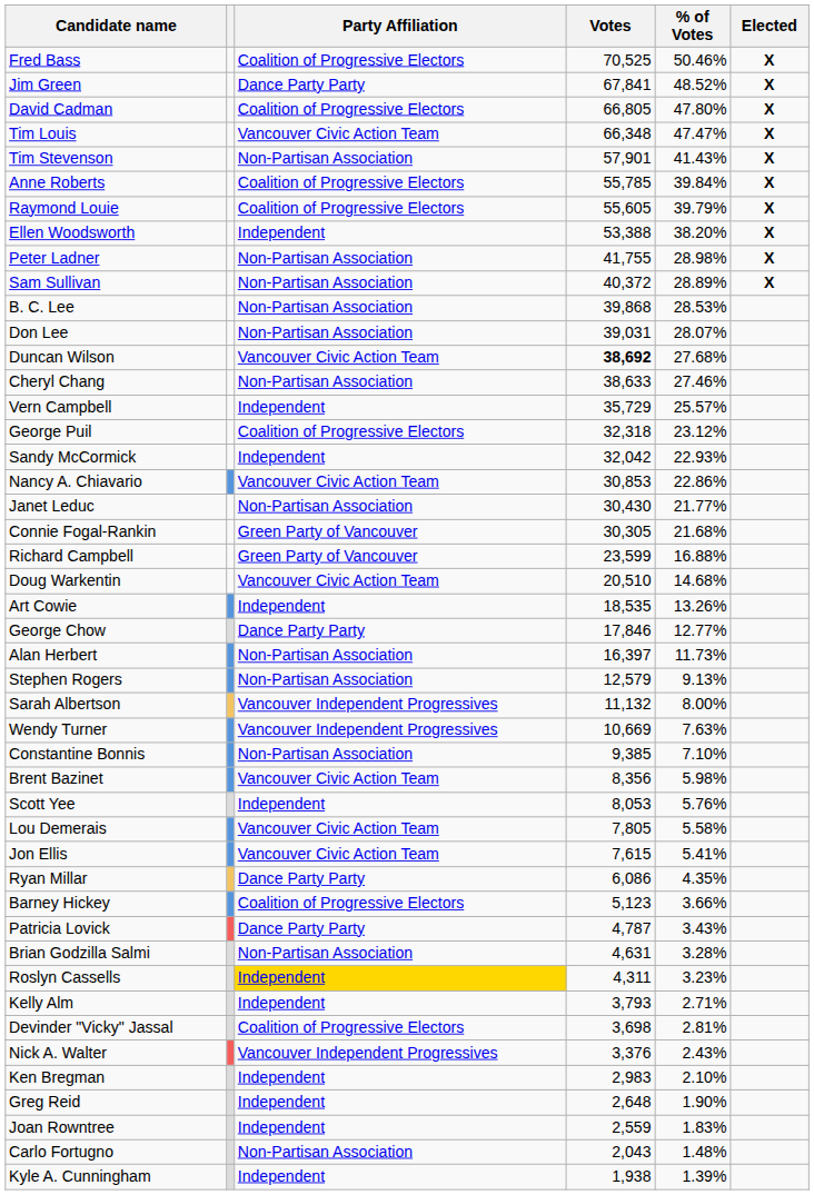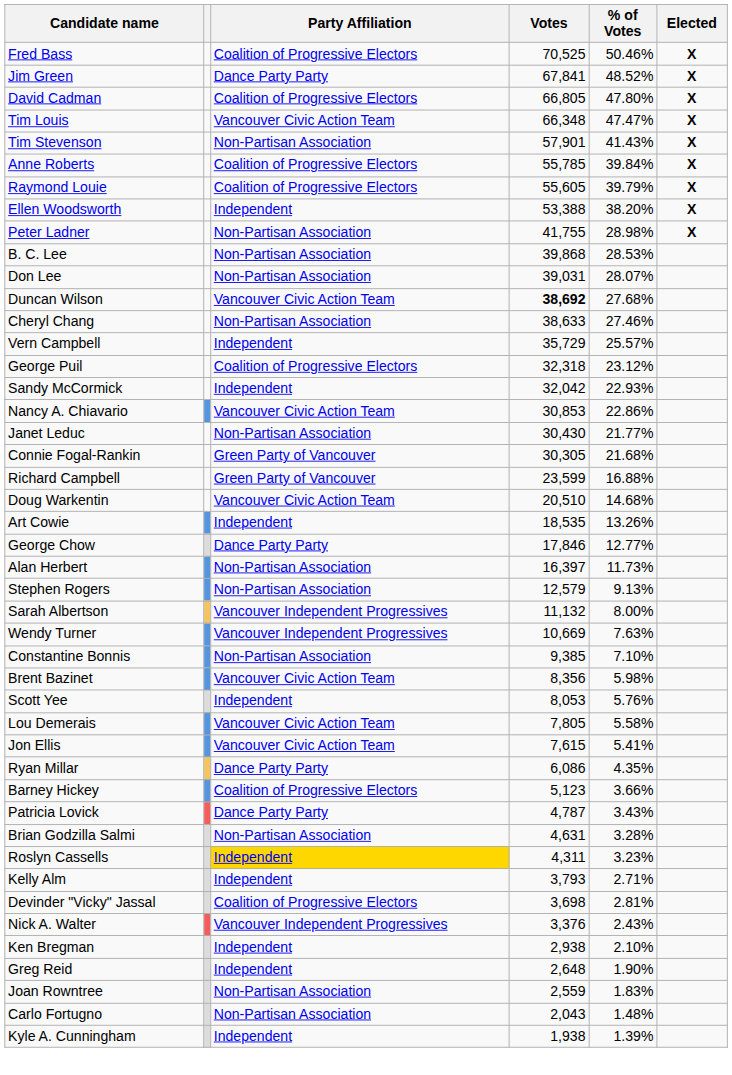 <table class="wikitable sortable" style="margin:5px; width: 65%">
 <tr>
 <th style="width:20%;">Candidate name</th>
 <th style="width:0.05%;" class="unsortable"></th>
 <th style="width:30%;">Party Affiliation</th>
 <th style="width:8%;">Votes</th>
 <th style="width:5%;">% of Votes</th>
 <th style="width:5%;">Elected</th>
 </tr>
 <tr>
 <td data-sort-value="Bass, Fred"><a href='#'>Fred Bass</a></td>
 <td style="background:"></td>
 <td><a href='#'>Coalition of Progressive Electors</a></td>
 <td style="text-align: right;">70,525</td>
 <td style="text-align: right;">50.46%</td>
 <td style="text-align: center;"><strong>X</strong></td>
 </tr>
 <tr>
 <td data-sort-value="Green, Jim"><a href='#'>Jim Green</a></td>
 <td style="background:"></td>
 <td><a href='#'>Dance Party Party</a></td>
 <td style="text-align: right;">67,841</td>
 <td style="text-align: right;">48.52%</td>
 <td style="text-align: center;"><strong>X</strong></td>
 </tr>
 <tr>
 <td data-sort-value="Cadman, David"><a href='#'>David Cadman</a></td>
 <td style="background:"></td>
 <td><a href='#'>Coalition of Progressive Electors</a></td>
 <td style="text-align: right;">66,805</td>
 <td style="text-align: right;">47.80%</td>
 <td style="text-align: center;"><strong>X</strong></td>
 </tr>
 <tr>
 <td data-sort-value="Louis, Tim"><a href='#'>Tim Louis</a></td>
 <td style="background:"></td>
 <td><a href='#'>Vancouver Civic Action Team</a></td>
 <td style="text-align: right;">66,348</td>
 <td style="text-align: right;">47.47%</td>
 <td style="text-align: center;"><strong>X</strong></td>
 </tr>
 <tr>
 <td data-sort-value="Stevenson, Tim"><a href='#'>Tim Stevenson</a></td>
 <td style="background:"></td>
 <td><a href='#'>Non-Partisan Association</a></td>
 <td style="text-align: right;">57,901</td>
 <td style="text-align: right;">41.43%</td>
 <td style="text-align: center;"><strong>X</strong></td>
 </tr>
 <tr>
 <td data-sort-value="Roberts, Anne"><a href='#'>Anne Roberts</a></td>
 <td style="background:"></td>
 <td><a href='#'>Coalition of Progressive Electors</a></td>
 <td style="text-align: right;">55,785</td>
 <td style="text-align: right;">39.84%</td>
 <td style="text-align: center;"><strong>X</strong></td>
 </tr>
 <tr>
 <td data-sort-value="Louie, Raymond"><a href='#'>Raymond Louie</a></td>
 <td style="background:"></td>
 <td><a href='#'>Coalition of Progressive Electors</a></td>
 <td style="text-align: right;">55,605</td>
 <td style="text-align: right;">39.79%</td>
 <td style="text-align: center;"><strong>X</strong></td>
 </tr>
 <tr>
 <td data-sort-value="Woodsworth, Ellen"><a href='#'>Ellen Woodsworth</a></td>
 <td style="background:"></td>
 <td><a href='#'>Independent</a></td>
 <td style="text-align: right;">53,388</td>
 <td style="text-align: right;">38.20%</td>
 <td style="text-align: center;"><strong>X</strong></td>
 </tr>
 <tr>
 <td data-sort-value="Ladner, Peter"><a href='#'>Peter Ladner</a></td>
 <td style="background:"></td>
 <td><a href='#'>Non-Partisan Association</a></td>
 <td style="text-align: right;">41,755</td>
 <td style="text-align: right;">28.98%</td>
-<td style="text-align: center;"><strong>X</strong></td>
-</tr>
-<tr>
-<td data-sort-value="Sullivan, Sam"><a href='#'>Sam Sullivan</a></td>
-<td style="background:"></td>
-<td><a href='#'>Non-Partisan Association</a></td>
-<td style="text-align: right;">40,372</td>
-<td style="text-align: right;">28.89%</td>
 <td style="text-align: center;"><strong>X</strong></td>
 </tr>
 <tr>
 <td data-sort-value="Lee, B. C.">B. C. Lee</td>
 <td style="background:"></td>
 <td><a href='#'>Non-Partisan Association</a></td>
 <td style="text-align: right;">39,868</td>
 <td style="text-align: right;">28.53%</td>
 <td></td>
 </tr>
 <tr>
 <td data-sort-value="Lee, Don">Don Lee</td>
 <td style="background:"></td>
 <td><a href='#'>Non-Partisan Association</a></td>
 <td style="text-align: right;">39,031</td>
 <td style="text-align: right;">28.07%</td>
 <td></td>
 </tr>
 <tr>
 <td data-sort-value="Wilson, Duncan">Duncan Wilson</td>
 <td style="background:"></td>
 <td><a href='#'>Vancouver Civic Action Team</a></td>
 <td style="text-align: right;"><strong>38,692</strong></td>
 <td style="text-align: right;">27.68%</td>
 <td></td>
 </tr>
 <tr>
 <td data-sort-value="Chang, Cheryl">Cheryl Chang</td>
 <td style="background:"></td>
 <td><a href='#'>Non-Partisan Association</a></td>
 <td style="text-align: right;">38,633</td>
 <td style="text-align: right;">27.46%</td>
 <td></td>
 </tr>
 <tr>
 <td data-sort-value="Campbell, Vern">Vern Campbell</td>
 <td style="background:"></td>
 <td><a href='#'>Independent</a></td>
 <td style="text-align: right;">35,729</td>
 <td style="text-align: right;">25.57%</td>
 <td></td>
 </tr>
 <tr>
 <td data-sort-value="Puil, George">George Puil</td>
 <td style="background:"></td>
 <td><a href='#'>Coalition of Progressive Electors</a></td>
 <td style="text-align: right;">32,318</td>
 <td style="text-align: right;">23.12%</td>
 <td></td>
 </tr>
 <tr>
 <td data-sort-value="McCormick, Sandy">Sandy McCormick</td>
 <td style="background:"></td>
 <td><a href='#'>Independent</a></td>
 <td style="text-align: right;">32,042</td>
 <td style="text-align: right;">22.93%</td>
 <td></td>
 </tr>
 <tr>
 <td data-sort-value="Chiavario, Nancy A.">Nancy A. Chiavario</td>
 <td style="background:#5495DD;"></td>
 <td><a href='#'>Vancouver Civic Action Team</a></td>
 <td style="text-align: right;">30,853</td>
 <td style="text-align: right;">22.86%</td>
 <td></td>
 </tr>
 <tr>
 <td data-sort-value="Leduc, Janet">Janet Leduc</td>
 <td style="background:"></td>
 <td><a href='#'>Non-Partisan Association</a></td>
 <td style="text-align: right;">30,430</td>
 <td style="text-align: right;">21.77%</td>
 <td></td>
 </tr>
 <tr>
 <td data-sort-value="Fogal-Rankin, Connie">Connie Fogal-Rankin</td>
 <td style="background:"></td>
 <td><a href='#'>Green Party of Vancouver</a></td>
 <td style="text-align: right;">30,305</td>
 <td style="text-align: right;">21.68%</td>
 <td></td>
 </tr>
 <tr>
 <td data-sort-value="Campbell, Richard">Richard Campbell</td>
 <td style="background:"></td>
 <td><a href='#'>Green Party of Vancouver</a></td>
 <td style="text-align: right;">23,599</td>
 <td style="text-align: right;">16.88%</td>
 <td></td>
 </tr>
 <tr>
 <td data-sort-value="Warkentin, Doug">Doug Warkentin</td>
 <td style="background:"></td>
 <td><a href='#'>Vancouver Civic Action Team</a></td>
 <td style="text-align: right;">20,510</td>
 <td style="text-align: right;">14.68%</td>
 <td></td>
 </tr>
 <tr>
 <td data-sort-value="Cowie, Art">Art Cowie</td>
 <td style="background:#5495DD;"></td>
 <td><a href='#'>Independent</a></td>
 <td style="text-align: right;">18,535</td>
 <td style="text-align: right;">13.26%</td>
 <td></td>
 </tr>
 <tr>
 <td data-sort-value="Chow, George">George Chow</td>
 <td style="background:gainsboro;"></td>
 <td><a href='#'>Dance Party Party</a></td>
 <td style="text-align: right;">17,846</td>
 <td style="text-align: right;">12.77%</td>
 <td></td>
 </tr>
 <tr>
 <td data-sort-value="Herbert, Alan">Alan Herbert</td>
 <td style="background:#5495DD;"></td>
 <td><a href='#'>Non-Partisan Association</a></td>
 <td style="text-align: right;">16,397</td>
 <td style="text-align: right;">11.73%</td>
 <td></td>
 </tr>
 <tr>
 <td data-sort-value="Rogers, Stephen">Stephen Rogers</td>
 <td style="background:#5495DD;"></td>
 <td><a href='#'>Non-Partisan Association</a></td>
 <td style="text-align: right;">12,579</td>
 <td style="text-align: right;">9.13%</td>
 <td></td>
 </tr>
 <tr>
 <td data-sort-value="Albertson, Sarah">Sarah Albertson</td>
 <td style="background:#F4C460;"></td>
 <td><a href='#'>Vancouver Independent Progressives</a></td>
 <td style="text-align: right;">11,132</td>
 <td style="text-align: right;">8.00%</td>
 <td></td>
 </tr>
 <tr>
 <td data-sort-value="Turner, Wendy">Wendy Turner</td>
 <td style="background:#5495DD;"></td>
 <td><a href='#'>Vancouver Independent Progressives</a></td>
 <td style="text-align: right;">10,669</td>
 <td style="text-align: right;">7.63%</td>
 <td></td>
 </tr>
 <tr>
 <td data-sort-value="Bonnis, Constantine">Constantine Bonnis</td>
 <td style="background:#5495DD;"></td>
 <td><a href='#'>Non-Partisan Association</a></td>
 <td style="text-align: right;">9,385</td>
 <td style="text-align: right;">7.10%</td>
 <td></td>
 </tr>
 <tr>
 <td data-sort-value="Bazinet, Brent">Brent Bazinet</td>
 <td style="background:#5495DD;"></td>
 <td><a href='#'>Vancouver Civic Action Team</a></td>
 <td style="text-align: right;">8,356</td>
 <td style="text-align: right;">5.98%</td>
 <td></td>
 </tr>
 <tr>
 <td data-sort-value="Yee, Scott">Scott Yee</td>
 <td style="background:gainsboro;"></td>
 <td><a href='#'>Independent</a></td>
 <td style="text-align: right;">8,053</td>
 <td style="text-align: right;">5.76%</td>
 <td></td>
 </tr>
 <tr>
 <td data-sort-value="Demerais, Lou">Lou Demerais</td>
 <td style="background:#5495DD;"></td>
 <td><a href='#'>Vancouver Civic Action Team</a></td>
 <td style="text-align: right;">7,805</td>
 <td style="text-align: right;">5.58%</td>
 <td></td>
 </tr>
 <tr>
 <td data-sort-value="Ellis, Jon">Jon Ellis</td>
 <td style="background:#5495DD;"></td>
 <td><a href='#'>Vancouver Civic Action Team</a></td>
 <td style="text-align: right;">7,615</td>
 <td style="text-align: right;">5.41%</td>
 <td></td>
 </tr>
 <tr>
 <td data-sort-value="Millar, Ryan">Ryan Millar</td>
 <td style="background:#F4C460;"></td>
 <td><a href='#'>Dance Party Party</a></td>
 <td style="text-align: right;">6,086</td>
 <td style="text-align: right;">4.35%</td>
 <td></td>
 </tr>
 <tr>
 <td data-sort-value="Hickey, Barney">Barney Hickey</td>
 <td style="background:#5495DD;"></td>
 <td><a href='#'>Coalition of Progressive Electors</a></td>
 <td style="text-align: right;">5,123</td>
 <td style="text-align: right;">3.66%</td>
 <td></td>
 </tr>
 <tr>
 <td data-sort-value="Lovick, Patricia">Patricia Lovick</td>
 <td style="background:#F45D5A;"></td>
 <td><a href='#'>Dance Party Party</a></td>
 <td style="text-align: right;">4,787</td>
 <td style="text-align: right;">3.43%</td>
 <td></td>
 </tr>
 <tr>
 <td data-sort-value="Salmi, Brian Godzilla">Brian Godzilla Salmi</td>
 <td style="background:gainsboro;"></td>
 <td><a href='#'>Non-Partisan Association</a></td>
 <td style="text-align: right;">4,631</td>
 <td style="text-align: right;">3.28%</td>
 <td></td>
 </tr>
 <tr>
 <td data-sort-value="Cassells, Roslyn">Roslyn Cassells</td>
 <td style="background:gainsboro;"></td>
 <td style="background: gold;"><a href='#'>Independent</a></td>
 <td style="text-align: right;">4,311</td>
 <td style="text-align: right;">3.23%</td>
 <td></td>
 </tr>
 <tr>
 <td data-sort-value="Alm, Kelly">Kelly Alm</td>
 <td style="background:gainsboro;"></td>
 <td><a href='#'>Independent</a></td>
 <td style="text-align: right;">3,793</td>
 <td style="text-align: right;">2.71%</td>
 <td></td>
 </tr>
 <tr>
 <td data-sort-value="Jassal, Devinder "Vicky"">Devinder "Vicky" Jassal</td>
 <td style="background:gainsboro;"></td>
 <td><a href='#'>Coalition of Progressive Electors</a></td>
 <td style="text-align: right;">3,698</td>
 <td style="text-align: right;">2.81%</td>
 <td></td>
 </tr>
 <tr>
 <td data-sort-value="Walter, Nick A.">Nick A. Walter</td>
 <td style="background:#F45D5A;"></td>
 <td><a href='#'>Vancouver Independent Progressives</a></td>
 <td style="text-align: right;">3,376</td>
 <td style="text-align: right;">2.43%</td>
 <td></td>
 </tr>
 <tr>
 <td data-sort-value="Bregman, Ken">Ken Bregman</td>
 <td style="background:gainsboro;"></td>
 <td><a href='#'>Independent</a></td>
-<td style="text-align: right;">2,983</td>
+<td style="text-align: right;">2,938</td>
 <td style="text-align: right;">2.10%</td>
 <td></td>
 </tr>
 <tr>
 <td data-sort-value="Reid, Greg">Greg Reid</td>
 <td style="background:gainsboro;"></td>
 <td><a href='#'>Independent</a></td>
 <td style="text-align: right;">2,648</td>
 <td style="text-align: right;">1.90%</td>
 <td></td>
 </tr>
 <tr>
 <td data-sort-value="Rowntree, Joan">Joan Rowntree</td>
 <td style="background:gainsboro;"></td>
-<td><a href='#'>Independent</a></td>
+<td><a href='#'>Non-Partisan Association</a></td>
 <td style="text-align: right;">2,559</td>
 <td style="text-align: right;">1.83%</td>
 <td></td>
 </tr>
 <tr>
 <td data-sort-value="Fortugno, Carlo">Carlo Fortugno</td>
 <td style="background:gainsboro;"></td>
 <td><a href='#'>Non-Partisan Association</a></td>
 <td style="text-align: right;">2,043</td>
 <td style="text-align: right;">1.48%</td>
 <td></td>
 </tr>
 <tr>
 <td data-sort-value="Cunningham, Kyle A.">Kyle A. Cunningham</td>
 <td style="background:gainsboro;"></td>
 <td><a href='#'>Independent</a></td>
 <td style="text-align: right;">1,938</td>
 <td style="text-align: right;">1.39%</td>
 <td></td>
 </tr>
 </table>
